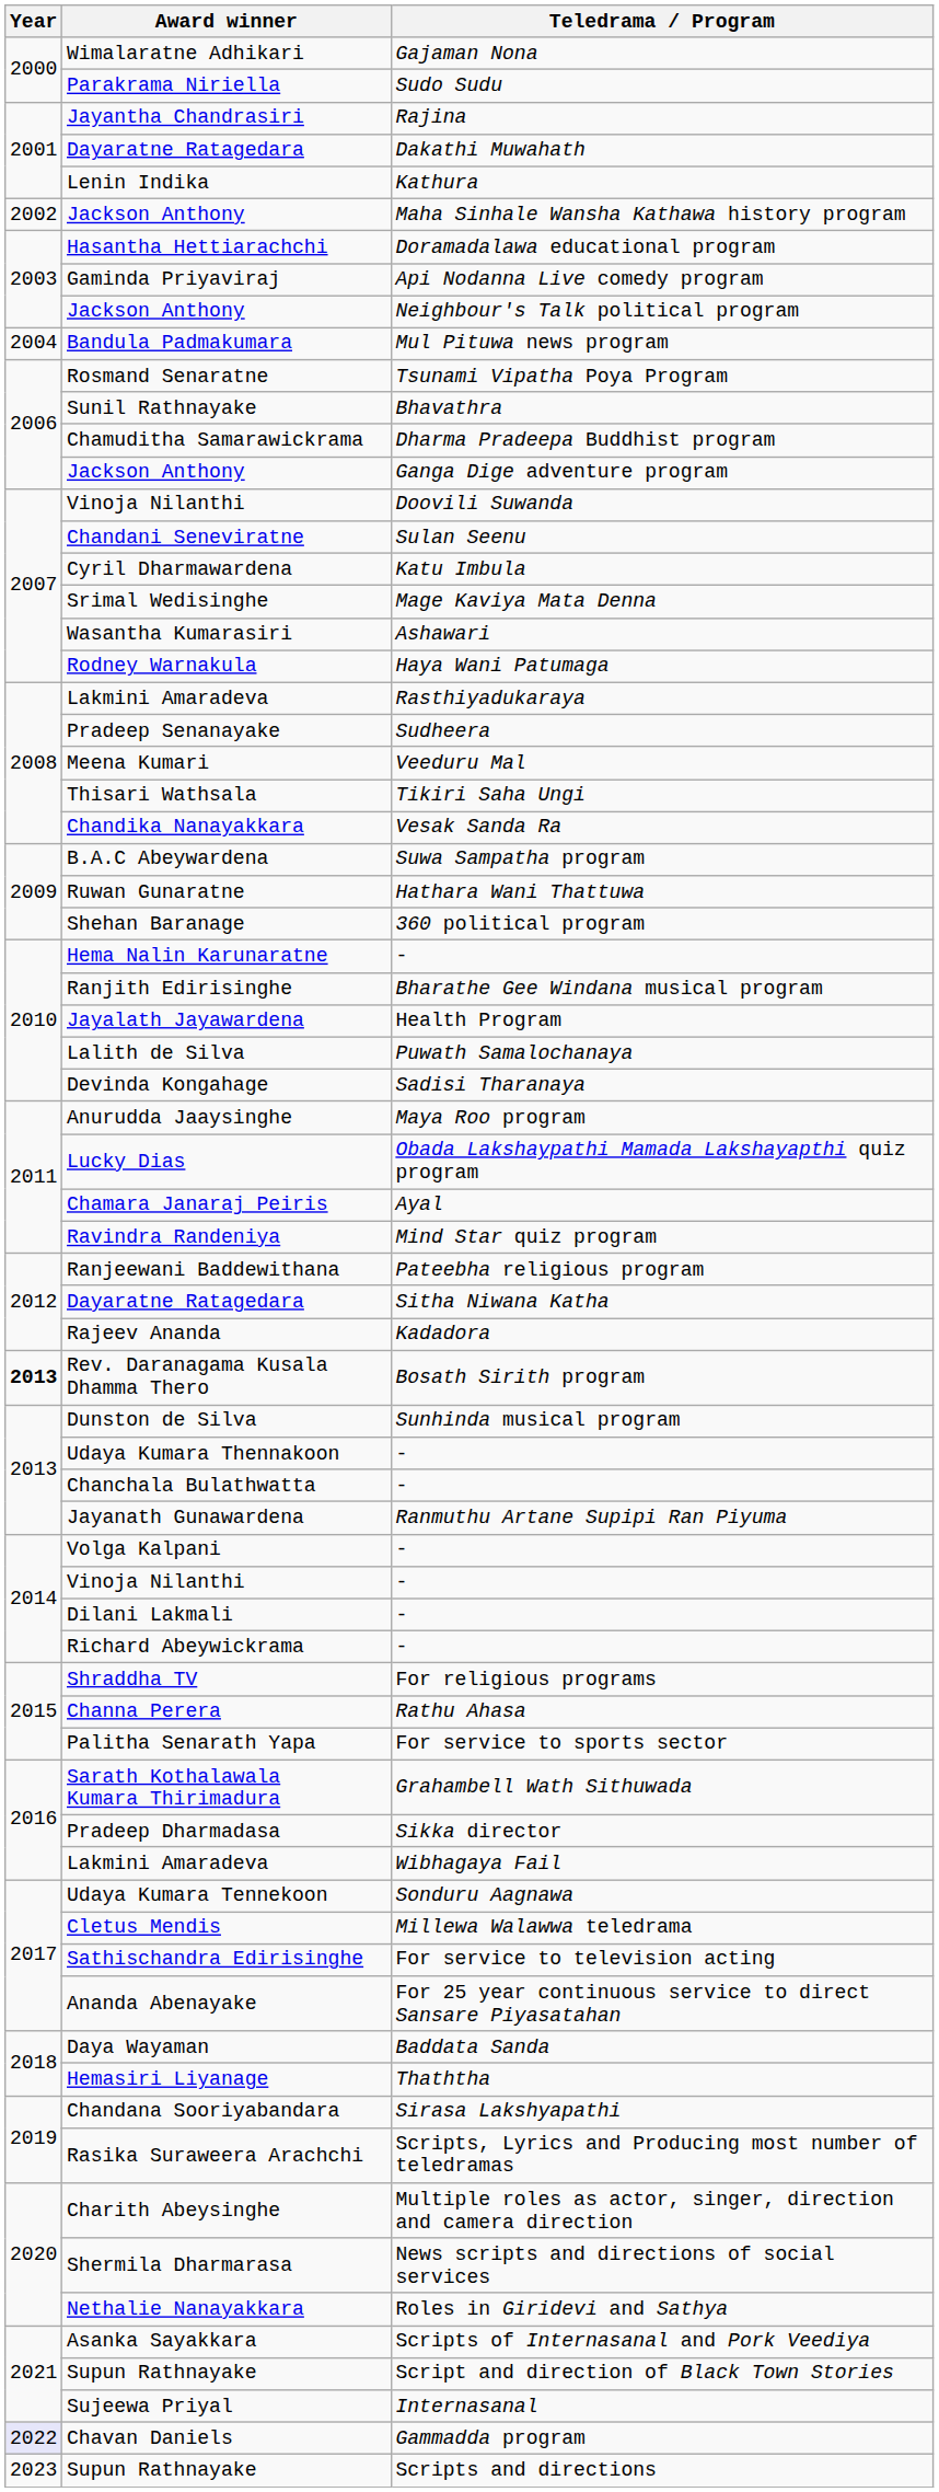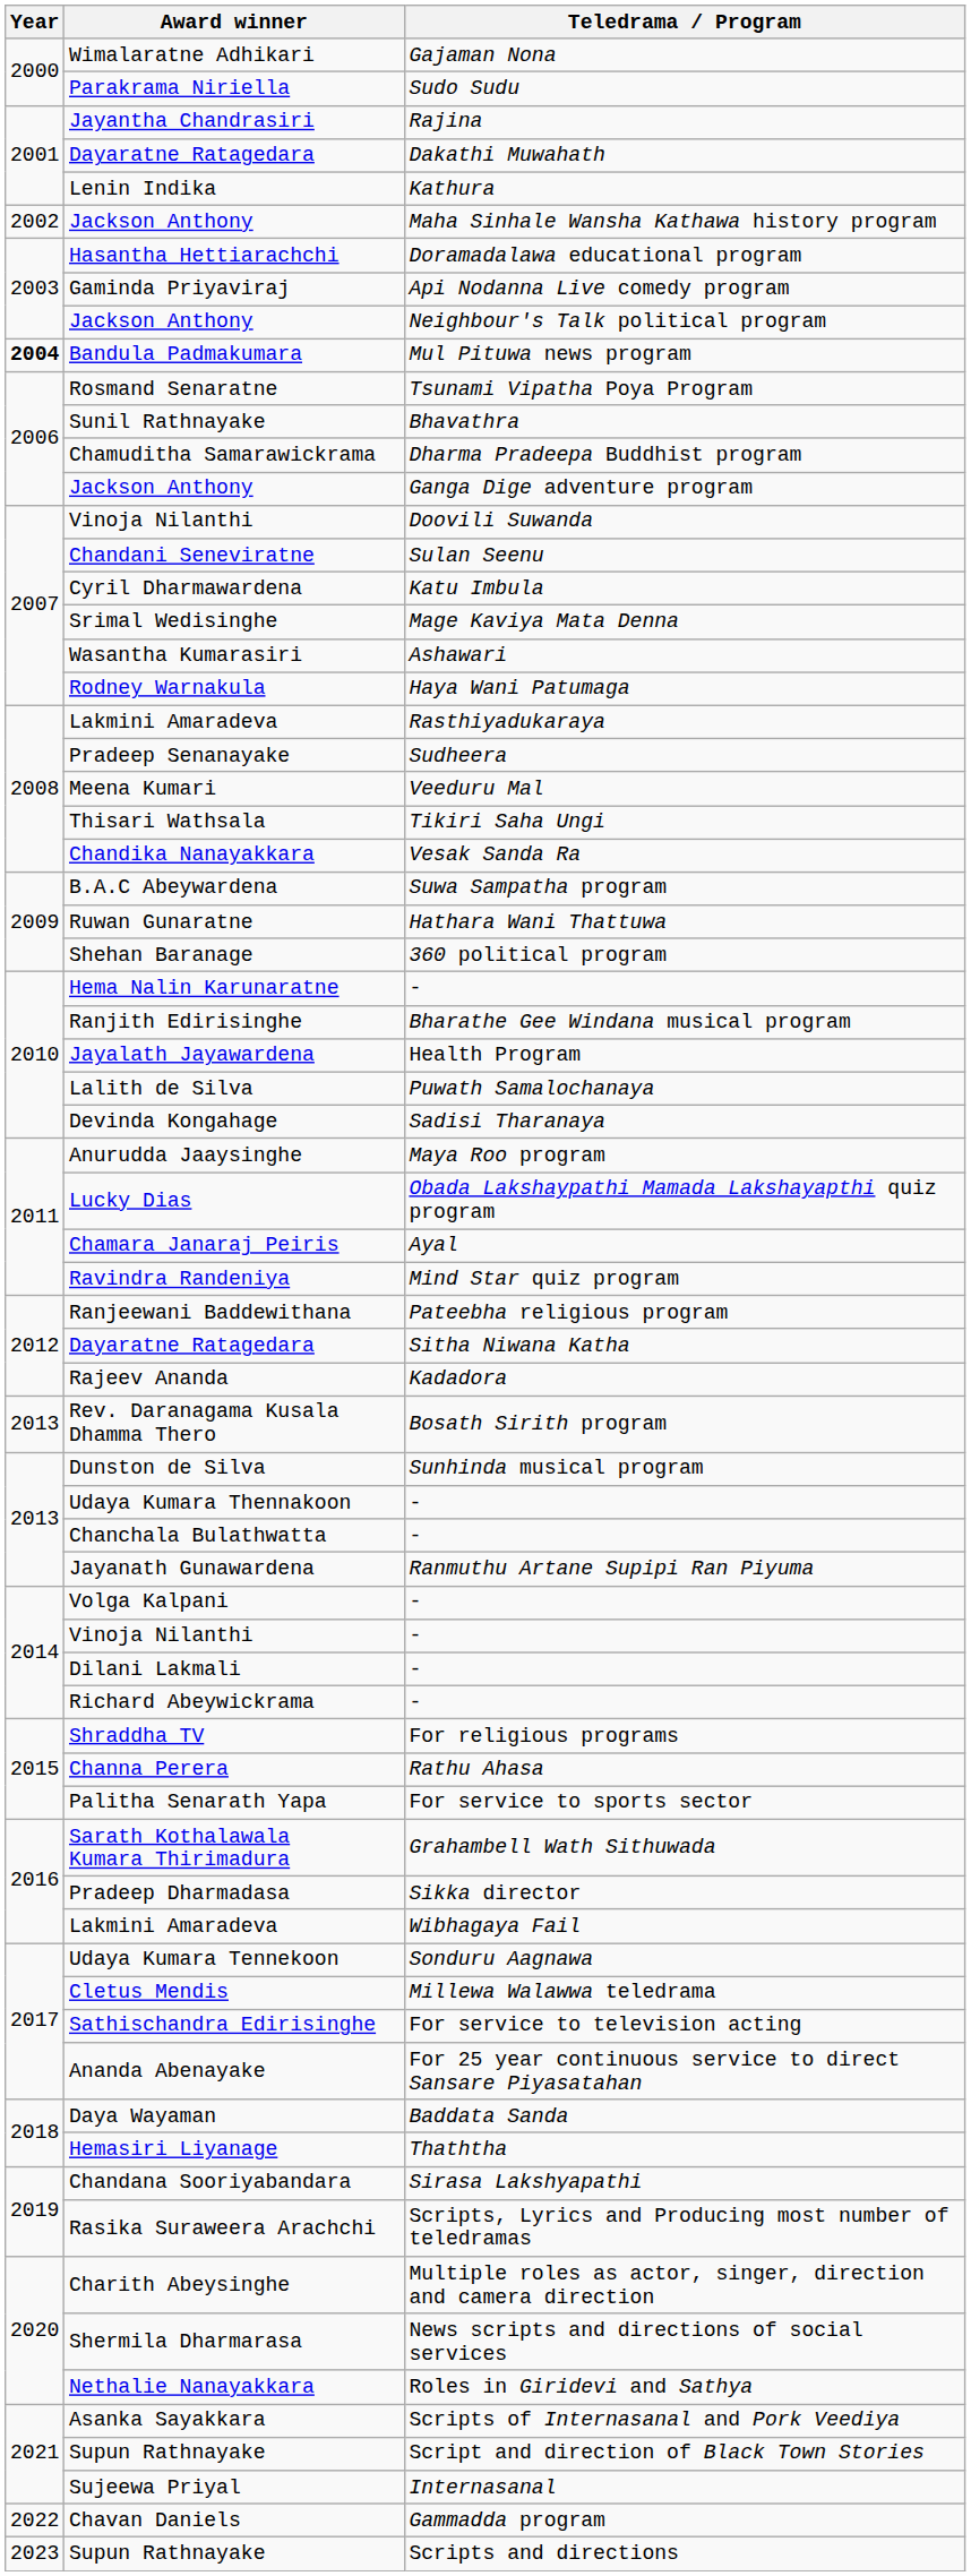 <table class="wikitable">
 <tr>
 <th>Year</th>
 <th>Award winner</th>
 <th>Teledrama / Program</th>
 </tr>
 <tr>
 <td rowspan="2">2000</td>
 <td>Wimalaratne Adhikari</td>
 <td><em>Gajaman Nona</em></td>
 </tr>
 <tr>
 <td><a href='#'>Parakrama Niriella</a></td>
 <td><em>Sudo Sudu</em></td>
 </tr>
 <tr>
 <td rowspan="3">2001</td>
 <td><a href='#'>Jayantha Chandrasiri</a></td>
 <td><em>Rajina</em></td>
 </tr>
 <tr>
 <td><a href='#'>Dayaratne Ratagedara</a></td>
 <td><em>Dakathi Muwahath</em></td>
 </tr>
 <tr>
 <td>Lenin Indika</td>
 <td><em>Kathura</em></td>
 </tr>
 <tr>
 <td>2002</td>
 <td><a href='#'>Jackson Anthony</a></td>
 <td><em>Maha Sinhale Wansha Kathawa</em> history program</td>
 </tr>
 <tr>
 <td rowspan="3">2003</td>
 <td><a href='#'>Hasantha Hettiarachchi</a></td>
 <td><em>Doramadalawa</em> educational program</td>
 </tr>
 <tr>
 <td>Gaminda Priyaviraj</td>
 <td><em>Api Nodanna Live</em> comedy program</td>
 </tr>
 <tr>
 <td><a href='#'>Jackson Anthony</a></td>
 <td><em>Neighbour's Talk</em> political program</td>
 </tr>
 <tr>
-<td>2004</td>
+<td><strong>2004</strong></td>
 <td><a href='#'>Bandula Padmakumara</a></td>
 <td><em>Mul Pituwa</em> news program</td>
 </tr>
 <tr>
 <td rowspan="4">2006</td>
 <td>Rosmand Senaratne</td>
 <td><em>Tsunami Vipatha</em> Poya Program</td>
 </tr>
 <tr>
 <td>Sunil Rathnayake</td>
 <td><em>Bhavathra</em></td>
 </tr>
 <tr>
 <td>Chamuditha Samarawickrama</td>
 <td><em>Dharma Pradeepa</em> Buddhist program</td>
 </tr>
 <tr>
 <td><a href='#'>Jackson Anthony</a></td>
 <td><em>Ganga Dige</em> adventure program</td>
 </tr>
 <tr>
 <td rowspan="6">2007</td>
 <td>Vinoja Nilanthi</td>
 <td><em>Doovili Suwanda</em></td>
 </tr>
 <tr>
 <td><a href='#'>Chandani Seneviratne</a></td>
 <td><em>Sulan Seenu</em></td>
 </tr>
 <tr>
 <td>Cyril Dharmawardena</td>
 <td><em>Katu Imbula</em></td>
 </tr>
 <tr>
 <td>Srimal Wedisinghe</td>
 <td><em>Mage Kaviya Mata Denna</em></td>
 </tr>
 <tr>
 <td>Wasantha Kumarasiri</td>
 <td><em>Ashawari</em></td>
 </tr>
 <tr>
 <td><a href='#'>Rodney Warnakula</a></td>
 <td><em>Haya Wani Patumaga</em></td>
 </tr>
 <tr>
 <td rowspan="5">2008</td>
 <td>Lakmini Amaradeva</td>
 <td><em>Rasthiyadukaraya</em></td>
 </tr>
 <tr>
 <td>Pradeep Senanayake</td>
 <td><em>Sudheera</em></td>
 </tr>
 <tr>
 <td>Meena Kumari</td>
 <td><em>Veeduru Mal</em></td>
 </tr>
 <tr>
 <td>Thisari Wathsala</td>
 <td><em>Tikiri Saha Ungi</em></td>
 </tr>
 <tr>
 <td><a href='#'>Chandika Nanayakkara</a></td>
 <td><em>Vesak Sanda Ra</em></td>
 </tr>
 <tr>
 <td rowspan="3">2009</td>
 <td>B.A.C Abeywardena</td>
 <td><em>Suwa Sampatha</em> program</td>
 </tr>
 <tr>
 <td>Ruwan Gunaratne</td>
 <td><em>Hathara Wani Thattuwa</em></td>
 </tr>
 <tr>
 <td>Shehan Baranage</td>
 <td><em>360</em> political program</td>
 </tr>
 <tr>
 <td rowspan="5">2010</td>
 <td><a href='#'>Hema Nalin Karunaratne</a></td>
 <td>-</td>
 </tr>
 <tr>
 <td>Ranjith Edirisinghe</td>
 <td><em>Bharathe Gee Windana</em> musical program</td>
 </tr>
 <tr>
 <td><a href='#'>Jayalath Jayawardena</a></td>
 <td>Health Program</td>
 </tr>
 <tr>
 <td>Lalith de Silva</td>
 <td><em>Puwath Samalochanaya</em></td>
 </tr>
 <tr>
 <td>Devinda Kongahage</td>
 <td><em>Sadisi Tharanaya</em></td>
 </tr>
 <tr>
 <td rowspan="4">2011</td>
 <td>Anurudda Jaaysinghe</td>
 <td><em>Maya Roo</em> program</td>
 </tr>
 <tr>
 <td><a href='#'>Lucky Dias</a></td>
 <td><em><a href='#'>Obada Lakshaypathi Mamada Lakshayapthi</a></em> quiz program</td>
 </tr>
 <tr>
 <td><a href='#'>Chamara Janaraj Peiris</a></td>
 <td><em>Ayal</em></td>
 </tr>
 <tr>
 <td><a href='#'>Ravindra Randeniya</a></td>
 <td><em>Mind Star</em> quiz program</td>
 </tr>
 <tr>
 <td rowspan="3">2012</td>
 <td>Ranjeewani Baddewithana</td>
 <td><em>Pateebha</em> religious program</td>
 </tr>
 <tr>
 <td><a href='#'>Dayaratne Ratagedara</a></td>
 <td><em>Sitha Niwana Katha</em></td>
 </tr>
 <tr>
 <td>Rajeev Ananda</td>
 <td><em>Kadadora</em></td>
 </tr>
 <tr>
-<td><strong>2013</strong></td>
+<td>2013</td>
 <td>Rev. Daranagama Kusala Dhamma Thero</td>
 <td><em>Bosath Sirith</em> program</td>
 </tr>
 <tr>
 <td rowspan="4">2013</td>
 <td>Dunston de Silva</td>
 <td><em>Sunhinda</em> musical program</td>
 </tr>
 <tr>
 <td>Udaya Kumara Thennakoon</td>
 <td>-</td>
 </tr>
 <tr>
 <td>Chanchala Bulathwatta</td>
 <td>-</td>
 </tr>
 <tr>
 <td>Jayanath Gunawardena</td>
 <td><em>Ranmuthu Artane Supipi Ran Piyuma</em></td>
 </tr>
 <tr>
 <td rowspan="4">2014</td>
 <td>Volga Kalpani</td>
 <td>-</td>
 </tr>
 <tr>
 <td>Vinoja Nilanthi</td>
 <td>-</td>
 </tr>
 <tr>
 <td>Dilani Lakmali</td>
 <td>-</td>
 </tr>
 <tr>
 <td>Richard Abeywickrama</td>
 <td>-</td>
 </tr>
 <tr>
 <td rowspan="3">2015</td>
 <td><a href='#'>Shraddha TV</a></td>
 <td>For religious programs</td>
 </tr>
 <tr>
 <td><a href='#'>Channa Perera</a></td>
 <td><em>Rathu Ahasa</em></td>
 </tr>
 <tr>
 <td>Palitha Senarath Yapa</td>
 <td>For service to sports sector</td>
 </tr>
 <tr>
 <td rowspan="3">2016</td>
 <td><a href='#'>Sarath Kothalawala</a> <br> <a href='#'>Kumara Thirimadura</a></td>
 <td><em>Grahambell Wath Sithuwada</em></td>
 </tr>
 <tr>
 <td>Pradeep Dharmadasa</td>
 <td><em>Sikka</em> director</td>
 </tr>
 <tr>
 <td>Lakmini Amaradeva</td>
 <td><em>Wibhagaya Fail</em></td>
 </tr>
 <tr>
 <td rowspan="4">2017</td>
 <td>Udaya Kumara Tennekoon</td>
 <td><em>Sonduru Aagnawa</em></td>
 </tr>
 <tr>
 <td><a href='#'>Cletus Mendis</a></td>
 <td><em>Millewa Walawwa</em> teledrama</td>
 </tr>
 <tr>
 <td><a href='#'>Sathischandra Edirisinghe</a></td>
 <td>For service to television acting</td>
 </tr>
 <tr>
 <td>Ananda Abenayake</td>
 <td>For 25 year continuous service to direct <em>Sansare Piyasatahan</em> </td>
 </tr>
 <tr>
 <td rowspan="2">2018</td>
 <td>Daya Wayaman</td>
 <td><em>Baddata Sanda</em></td>
 </tr>
 <tr>
 <td><a href='#'>Hemasiri Liyanage</a></td>
 <td><em>Thaththa</em></td>
 </tr>
 <tr>
 <td rowspan="2">2019</td>
 <td>Chandana Sooriyabandara</td>
 <td><em>Sirasa Lakshyapathi</em> </td>
 </tr>
 <tr>
 <td>Rasika Suraweera Arachchi</td>
 <td>Scripts, Lyrics and Producing most number of teledramas</td>
 </tr>
 <tr>
 <td rowspan="3">2020</td>
 <td>Charith Abeysinghe</td>
 <td>Multiple roles as actor, singer, direction and camera direction</td>
 </tr>
 <tr>
 <td>Shermila Dharmarasa</td>
 <td>News scripts and directions of social services</td>
 </tr>
 <tr>
 <td><a href='#'>Nethalie Nanayakkara</a></td>
 <td>Roles in <em>Giridevi</em> and <em>Sathya</em></td>
 </tr>
 <tr>
 <td rowspan="3">2021</td>
 <td>Asanka Sayakkara</td>
 <td>Scripts of <em>Internasanal</em> and <em>Pork Veediya</em> </td>
 </tr>
 <tr>
 <td>Supun Rathnayake</td>
 <td>Script and direction of <em>Black Town Stories</em></td>
 </tr>
 <tr>
 <td>Sujeewa Priyal</td>
 <td><em>Internasanal</em></td>
 </tr>
 <tr>
-<td style="background: lavender;">2022</td>
+<td>2022</td>
 <td>Chavan Daniels</td>
 <td><em>Gammadda</em> program</td>
 </tr>
 <tr>
 <td>2023</td>
 <td>Supun Rathnayake</td>
 <td>Scripts and directions</td>
 </tr>
 </table>
